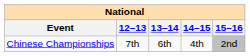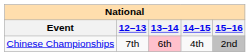 <table class="wikitable" style="text-align:center">
 <tr>
 <th style="background-color: #ffdead; " colspan=5 align=center>National</th>
 </tr>
 <tr>
 <th>Event</th>
 <th><a href='#'>12–13</a></th>
 <th><a href='#'>13–14</a></th>
 <th><a href='#'>14–15</a></th>
 <th><a href='#'>15–16</a></th>
 </tr>
 <tr>
 <td align=left><a href='#'>Chinese Championships</a></td>
 <td>7th</td>
-<td>6th</td>
+<td style="background: pink;">6th</td>
 <td>4th</td>
 <td bgcolor=silver>2nd</td>
 </tr>
 </table>
